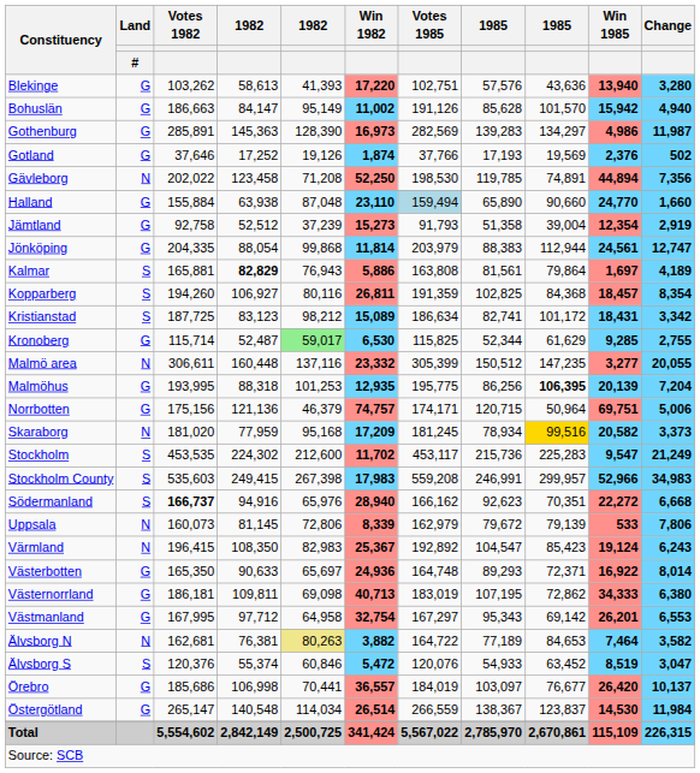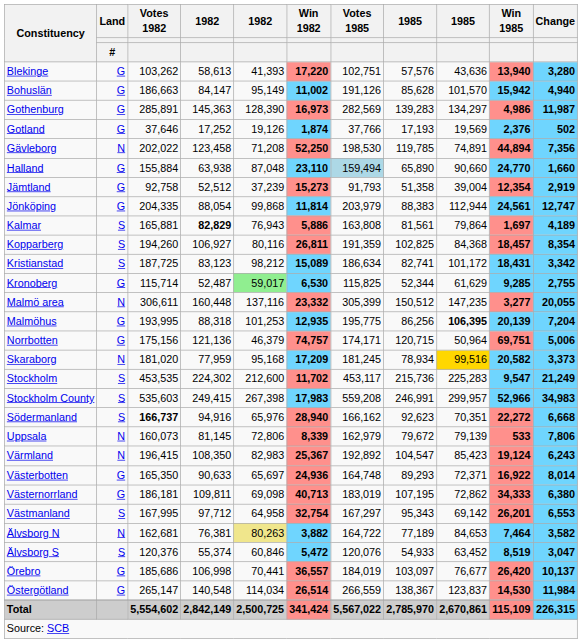 <table class="wikitable sortable" style="text-align:right; font-size:95%; line-height:20px;">
 <tr>
 <th rowspan="3">Constituency</th>
 <th>Land</th>
 <th width="30px" class="unsortable">Votes 1982</th>
 <th> 1982</th>
 <th> 1982</th>
 <th width="30px" class="unsortable">Win 1982</th>
 <th width="30px" class="unsortable">Votes 1985</th>
 <th> 1985</th>
 <th> 1985</th>
 <th width="30px" class="unsortable">Win 1985</th>
 <th width="30px" class="unsortable">Change</th>
 </tr>
 <tr>
 <th></th>
 <th></th>
 <th style="background:"></th>
 <th style="background:"></th>
 <th></th>
 <th></th>
 <th style="background:"></th>
 <th style="background:"></th>
 <th></th>
 <th></th>
 </tr>
 <tr>
 <th data-sort-type="number">#</th>
 <th data-sort-type="number"></th>
 <th data-sort-type="number"></th>
 <th data-sort-type="number"></th>
 <th data-sort-type="number"></th>
 <th data-sort-type="number"></th>
 <th data-sort-type="number"></th>
 <th data-sort-type="number"></th>
 <th data-sort-type="number"></th>
 <th data-sort-type="number"></th>
 </tr>
 <tr>
 <td align="left"><a href='#'>Blekinge</a></td>
 <td><a href='#'>G</a></td>
 <td>103,262</td>
 <td>58,613</td>
 <td>41,393</td>
 <td bgcolor=#ff908c><strong>17,220</strong></td>
 <td>102,751</td>
 <td>57,576</td>
 <td>43,636</td>
 <td bgcolor=#ff908c><strong>13,940</strong></td>
 <td bgcolor=#6fd5fe><strong>3,280</strong></td>
 </tr>
 <tr>
 <td align="left"><a href='#'>Bohuslän</a></td>
 <td><a href='#'>G</a></td>
 <td>186,663</td>
 <td>84,147</td>
 <td>95,149</td>
 <td bgcolor=#6fd5fe><strong>11,002</strong></td>
 <td>191,126</td>
 <td>85,628</td>
 <td>101,570</td>
 <td bgcolor=#6fd5fe><strong>15,942</strong></td>
 <td bgcolor=#6fd5fe><strong>4,940</strong></td>
 </tr>
 <tr>
 <td align="left"><a href='#'>Gothenburg</a></td>
 <td><a href='#'>G</a></td>
 <td>285,891</td>
 <td>145,363</td>
 <td>128,390</td>
 <td bgcolor=#ff908c><strong>16,973</strong></td>
 <td>282,569</td>
 <td>139,283</td>
 <td>134,297</td>
 <td bgcolor=#ff908c><strong>4,986</strong></td>
 <td bgcolor=#6fd5fe><strong>11,987</strong></td>
 </tr>
 <tr>
 <td align="left"><a href='#'>Gotland</a></td>
 <td><a href='#'>G</a></td>
 <td>37,646</td>
 <td>17,252</td>
 <td>19,126</td>
 <td bgcolor=#6fd5fe><strong>1,874</strong></td>
 <td>37,766</td>
 <td>17,193</td>
 <td>19,569</td>
 <td bgcolor=#6fd5fe><strong>2,376</strong></td>
 <td bgcolor=#6fd5fe><strong>502</strong></td>
 </tr>
 <tr>
 <td align="left"><a href='#'>Gävleborg</a></td>
 <td><a href='#'>N</a></td>
 <td>202,022</td>
 <td>123,458</td>
 <td>71,208</td>
 <td bgcolor=#ff908c><strong>52,250</strong></td>
 <td>198,530</td>
 <td>119,785</td>
 <td>74,891</td>
 <td bgcolor=#ff908c><strong>44,894</strong></td>
 <td bgcolor=#6fd5fe><strong>7,356</strong></td>
 </tr>
 <tr>
 <td align="left"><a href='#'>Halland</a></td>
 <td><a href='#'>G</a></td>
 <td>155,884</td>
 <td>63,938</td>
 <td>87,048</td>
 <td bgcolor=#6fd5fe><strong>23,110</strong></td>
 <td style="background: lightblue;">159,494</td>
 <td>65,890</td>
 <td>90,660</td>
 <td bgcolor=#6fd5fe><strong>24,770</strong></td>
 <td bgcolor=#6fd5fe><strong>1,660</strong></td>
 </tr>
 <tr>
 <td align="left"><a href='#'>Jämtland</a></td>
 <td><a href='#'>G</a></td>
 <td>92,758</td>
 <td>52,512</td>
 <td>37,239</td>
 <td bgcolor=#ff908c><strong>15,273</strong></td>
 <td>91,793</td>
 <td>51,358</td>
 <td>39,004</td>
 <td bgcolor=#ff908c><strong>12,354</strong></td>
 <td bgcolor=#6fd5fe><strong>2,919</strong></td>
 </tr>
 <tr>
 <td align="left"><a href='#'>Jönköping</a></td>
 <td><a href='#'>G</a></td>
 <td>204,335</td>
 <td>88,054</td>
 <td>99,868</td>
 <td bgcolor=#6fd5fe><strong>11,814</strong></td>
 <td>203,979</td>
 <td>88,383</td>
 <td>112,944</td>
 <td bgcolor=#6fd5fe><strong>24,561</strong></td>
 <td bgcolor=#6fd5fe><strong>12,747</strong></td>
 </tr>
 <tr>
 <td align="left"><a href='#'>Kalmar</a></td>
 <td><a href='#'>S</a></td>
 <td>165,881</td>
 <td><strong>82,829</strong></td>
 <td>76,943</td>
 <td bgcolor=#ff908c><strong>5,886</strong></td>
 <td>163,808</td>
 <td>81,561</td>
 <td>79,864</td>
 <td bgcolor=#ff908c><strong>1,697</strong></td>
 <td bgcolor=#6fd5fe><strong>4,189</strong></td>
 </tr>
 <tr>
 <td align="left"><a href='#'>Kopparberg</a></td>
 <td><a href='#'>S</a></td>
 <td>194,260</td>
 <td>106,927</td>
 <td>80,116</td>
 <td bgcolor=#ff908c><strong>26,811</strong></td>
 <td>191,359</td>
 <td>102,825</td>
 <td>84,368</td>
 <td bgcolor=#ff908c><strong>18,457</strong></td>
 <td bgcolor=#6fd5fe><strong>8,354</strong></td>
 </tr>
 <tr>
 <td align="left"><a href='#'>Kristianstad</a></td>
 <td><a href='#'>S</a></td>
 <td>187,725</td>
 <td>83,123</td>
 <td>98,212</td>
 <td bgcolor=#6fd5fe><strong>15,089</strong></td>
 <td>186,634</td>
 <td>82,741</td>
 <td>101,172</td>
 <td bgcolor=#6fd5fe><strong>18,431</strong></td>
 <td bgcolor=#6fd5fe><strong>3,342</strong></td>
 </tr>
 <tr>
 <td align="left"><a href='#'>Kronoberg</a></td>
 <td><a href='#'>G</a></td>
 <td>115,714</td>
 <td>52,487</td>
 <td style="background: lightgreen;">59,017</td>
 <td bgcolor=#6fd5fe><strong>6,530</strong></td>
 <td>115,825</td>
 <td>52,344</td>
 <td>61,629</td>
 <td bgcolor=#6fd5fe><strong>9,285</strong></td>
 <td bgcolor=#6fd5fe><strong>2,755</strong></td>
 </tr>
 <tr>
 <td align="left"><a href='#'>Malmö area</a></td>
 <td><a href='#'>N</a></td>
 <td>306,611</td>
 <td>160,448</td>
 <td>137,116</td>
 <td bgcolor=#ff908c><strong>23,332</strong></td>
 <td>305,399</td>
 <td>150,512</td>
 <td>147,235</td>
 <td bgcolor=#ff908c><strong>3,277</strong></td>
 <td bgcolor=#6fd5fe><strong>20,055</strong></td>
 </tr>
 <tr>
 <td align="left"><a href='#'>Malmöhus</a></td>
 <td><a href='#'>G</a></td>
 <td>193,995</td>
 <td>88,318</td>
 <td>101,253</td>
 <td bgcolor=#6fd5fe><strong>12,935</strong></td>
 <td>195,775</td>
 <td>86,256</td>
 <td><strong>106,395</strong></td>
 <td bgcolor=#6fd5fe><strong>20,139</strong></td>
 <td bgcolor=#6fd5fe><strong>7,204</strong></td>
 </tr>
 <tr>
 <td align="left"><a href='#'>Norrbotten</a></td>
 <td><a href='#'>G</a></td>
 <td>175,156</td>
 <td>121,136</td>
 <td>46,379</td>
 <td bgcolor=#ff908c><strong>74,757</strong></td>
 <td>174,171</td>
 <td>120,715</td>
 <td>50,964</td>
 <td bgcolor=#ff908c><strong>69,751</strong></td>
 <td bgcolor=#6fd5fe><strong>5,006</strong></td>
 </tr>
 <tr>
 <td align="left"><a href='#'>Skaraborg</a></td>
 <td><a href='#'>N</a></td>
 <td>181,020</td>
 <td>77,959</td>
 <td>95,168</td>
 <td bgcolor=#6fd5fe><strong>17,209</strong></td>
 <td>181,245</td>
 <td>78,934</td>
 <td style="background: gold;">99,516</td>
 <td bgcolor=#6fd5fe><strong>20,582</strong></td>
 <td bgcolor=#6fd5fe><strong>3,373</strong></td>
 </tr>
 <tr>
 <td align="left"><a href='#'>Stockholm</a></td>
 <td><a href='#'>S</a></td>
 <td>453,535</td>
 <td>224,302</td>
 <td>212,600</td>
 <td bgcolor=#ff908c><strong>11,702</strong></td>
 <td>453,117</td>
 <td>215,736</td>
 <td>225,283</td>
 <td bgcolor=#6fd5fe><strong>9,547</strong></td>
 <td bgcolor=#6fd5fe><strong>21,249</strong></td>
 </tr>
 <tr>
 <td align="left"><a href='#'>Stockholm County</a></td>
 <td><a href='#'>S</a></td>
 <td>535,603</td>
 <td>249,415</td>
 <td>267,398</td>
 <td bgcolor=#6fd5fe><strong>17,983</strong></td>
 <td>559,208</td>
 <td>246,991</td>
 <td>299,957</td>
 <td bgcolor=#6fd5fe><strong>52,966</strong></td>
 <td bgcolor=#6fd5fe><strong>34,983</strong></td>
 </tr>
 <tr>
 <td align="left"><a href='#'>Södermanland</a></td>
 <td><a href='#'>S</a></td>
 <td><strong>166,737</strong></td>
 <td>94,916</td>
 <td>65,976</td>
 <td bgcolor=#ff908c><strong>28,940</strong></td>
 <td>166,162</td>
 <td>92,623</td>
 <td>70,351</td>
 <td bgcolor=#ff908c><strong>22,272</strong></td>
 <td bgcolor=#6fd5fe><strong>6,668</strong></td>
 </tr>
 <tr>
 <td align="left"><a href='#'>Uppsala</a></td>
 <td><a href='#'>N</a></td>
 <td>160,073</td>
 <td>81,145</td>
 <td>72,806</td>
 <td bgcolor=#ff908c><strong>8,339</strong></td>
 <td>162,979</td>
 <td>79,672</td>
 <td>79,139</td>
 <td bgcolor=#ff908c><strong>533</strong></td>
 <td bgcolor=#6fd5fe><strong>7,806</strong></td>
 </tr>
 <tr>
 <td align="left"><a href='#'>Värmland</a></td>
 <td><a href='#'>N</a></td>
 <td>196,415</td>
 <td>108,350</td>
 <td>82,983</td>
 <td bgcolor=#ff908c><strong>25,367</strong></td>
 <td>192,892</td>
 <td>104,547</td>
 <td>85,423</td>
 <td bgcolor=#ff908c><strong>19,124</strong></td>
 <td bgcolor=#6fd5fe><strong>6,243</strong></td>
 </tr>
 <tr>
 <td align="left"><a href='#'>Västerbotten</a></td>
 <td><a href='#'>G</a></td>
 <td>165,350</td>
 <td>90,633</td>
 <td>65,697</td>
 <td bgcolor=#ff908c><strong>24,936</strong></td>
 <td>164,748</td>
 <td>89,293</td>
 <td>72,371</td>
 <td bgcolor=#ff908c><strong>16,922</strong></td>
 <td bgcolor=#6fd5fe><strong>8,014</strong></td>
 </tr>
 <tr>
 <td align="left"><a href='#'>Västernorrland</a></td>
 <td><a href='#'>G</a></td>
 <td>186,181</td>
 <td>109,811</td>
 <td>69,098</td>
 <td bgcolor=#ff908c><strong>40,713</strong></td>
 <td>183,019</td>
 <td>107,195</td>
 <td>72,862</td>
 <td bgcolor=#ff908c><strong>34,333</strong></td>
 <td bgcolor=#6fd5fe><strong>6,380</strong></td>
 </tr>
 <tr>
 <td align="left"><a href='#'>Västmanland</a></td>
-<td><a href='#'>G</a></td>
+<td><a href='#'>S</a></td>
 <td>167,995</td>
 <td>97,712</td>
 <td>64,958</td>
 <td bgcolor=#ff908c><strong>32,754</strong></td>
 <td>167,297</td>
 <td>95,343</td>
 <td>69,142</td>
 <td bgcolor=#ff908c><strong>26,201</strong></td>
 <td bgcolor=#6fd5fe><strong>6,553</strong></td>
 </tr>
 <tr>
 <td align="left"><a href='#'>Älvsborg N</a></td>
 <td><a href='#'>N</a></td>
 <td>162,681</td>
 <td>76,381</td>
 <td style="background: khaki;">80,263</td>
 <td bgcolor=#6fd5fe><strong>3,882</strong></td>
 <td>164,722</td>
 <td>77,189</td>
 <td>84,653</td>
 <td bgcolor=#6fd5fe><strong>7,464</strong></td>
 <td bgcolor=#6fd5fe><strong>3,582</strong></td>
 </tr>
 <tr>
 <td align="left"><a href='#'>Älvsborg S</a></td>
 <td><a href='#'>S</a></td>
 <td>120,376</td>
 <td>55,374</td>
 <td>60,846</td>
 <td bgcolor=#6fd5fe><strong>5,472</strong></td>
 <td>120,076</td>
 <td>54,933</td>
 <td>63,452</td>
 <td bgcolor=#6fd5fe><strong>8,519</strong></td>
 <td bgcolor=#6fd5fe><strong>3,047</strong></td>
 </tr>
 <tr>
 <td align="left"><a href='#'>Örebro</a></td>
 <td><a href='#'>G</a></td>
 <td>185,686</td>
 <td>106,998</td>
 <td>70,441</td>
 <td bgcolor=#ff908c><strong>36,557</strong></td>
 <td>184,019</td>
 <td>103,097</td>
 <td>76,677</td>
 <td bgcolor=#ff908c><strong>26,420</strong></td>
 <td bgcolor=#6fd5fe><strong>10,137</strong></td>
 </tr>
 <tr>
 <td align="left"><a href='#'>Östergötland</a></td>
 <td><a href='#'>G</a></td>
 <td>265,147</td>
 <td>140,548</td>
 <td>114,034</td>
 <td bgcolor=#ff908c><strong>26,514</strong></td>
 <td>266,559</td>
 <td>138,367</td>
 <td>123,837</td>
 <td bgcolor=#ff908c><strong>14,530</strong></td>
 <td bgcolor=#6fd5fe><strong>11,984</strong></td>
 </tr>
 <tr>
 </tr>
 <tr style="background:#CDCDCD;">
 <td align="left"><strong>Total</strong></td>
 <td></td>
 <td><strong>5,554,602</strong></td>
 <td><strong>2,842,149</strong></td>
 <td><strong>2,500,725</strong></td>
 <td bgcolor=#ff908c><strong>341,424</strong></td>
 <td><strong>5,567,022</strong></td>
 <td><strong>2,785,970</strong></td>
 <td><strong>2,670,861</strong></td>
 <td bgcolor=#ff908c><strong>115,109</strong></td>
 <td bgcolor=#6fd5fe><strong>226,315</strong></td>
 </tr>
 <tr>
 <td colspan="11" align="left">Source: <a href='#'>SCB</a></td>
 </tr>
 </table>
